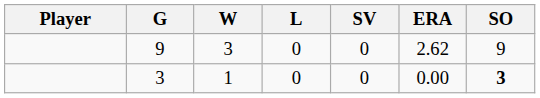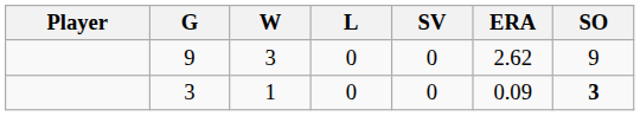 <table class="wikitable sortable">
 <tr>
 <th bgcolor="#DDDDFF" width="16%">Player</th>
 <th bgcolor="#DDDDFF" width="9%">G</th>
 <th bgcolor="#DDDDFF" width="9%">W</th>
 <th bgcolor="#DDDDFF" width="9%">L</th>
 <th bgcolor="#DDDDFF" width="9%">SV</th>
 <th bgcolor="#DDDDFF" width="9%">ERA</th>
 <th bgcolor="#DDDDFF" width="9%">SO</th>
 </tr>
 <tr align="center">
 <td></td>
 <td>9</td>
 <td>3</td>
 <td>0</td>
 <td>0</td>
 <td>2.62</td>
 <td>9</td>
 </tr>
 <tr align="center">
 <td></td>
 <td>3</td>
 <td>1</td>
 <td>0</td>
 <td>0</td>
-<td>0.00</td>
+<td>0.09</td>
 <td><strong>3</strong></td>
 </tr>
 </table>
